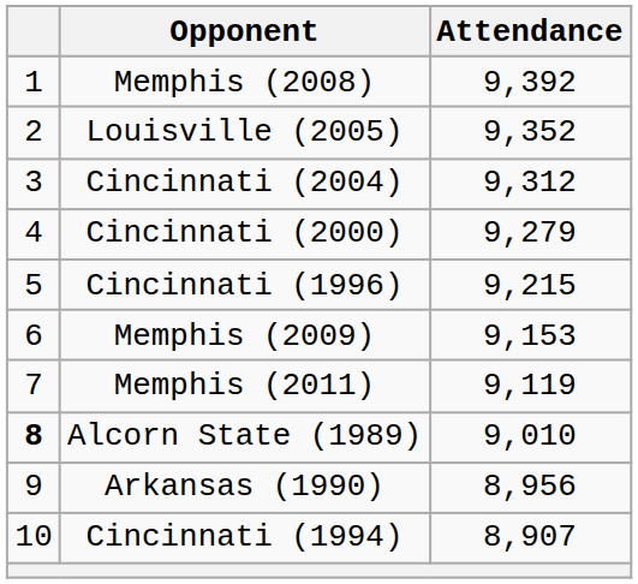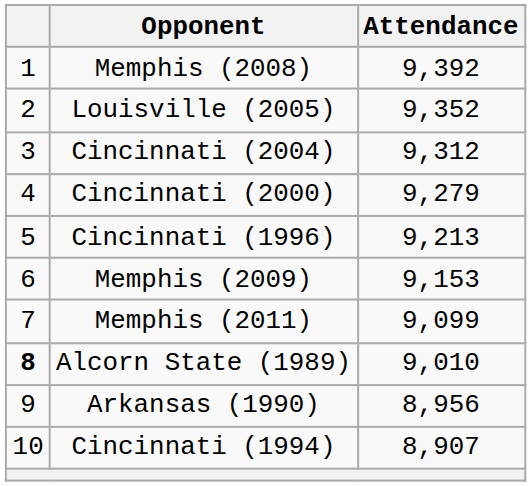 <table class="wikitable" style="margin: 1em auto 1em auto; text-align: center">
 <tr>
 <th></th>
 <th>Opponent</th>
 <th>Attendance</th>
 </tr>
 <tr>
 <td>1</td>
 <td>Memphis (2008)</td>
 <td>9,392</td>
 </tr>
 <tr>
 <td>2</td>
 <td>Louisville (2005)</td>
 <td>9,352</td>
 </tr>
 <tr>
 <td>3</td>
 <td>Cincinnati (2004)</td>
 <td>9,312</td>
 </tr>
 <tr>
 <td>4</td>
 <td>Cincinnati (2000)</td>
 <td>9,279</td>
 </tr>
 <tr>
 <td>5</td>
 <td>Cincinnati (1996)</td>
-<td>9,215</td>
+<td>9,213</td>
 </tr>
 <tr>
 <td>6</td>
 <td>Memphis (2009)</td>
 <td>9,153</td>
 </tr>
 <tr>
 <td>7</td>
 <td>Memphis (2011)</td>
-<td>9,119</td>
+<td>9,099</td>
 </tr>
 <tr>
 <td><strong>8</strong></td>
 <td>Alcorn State (1989)</td>
 <td>9,010</td>
 </tr>
 <tr>
 <td>9</td>
 <td>Arkansas (1990)</td>
 <td>8,956</td>
 </tr>
 <tr>
 <td>10</td>
 <td>Cincinnati (1994)</td>
 <td>8,907</td>
 </tr>
 <tr>
 <th colspan="3"></th>
 </tr>
 </table>
